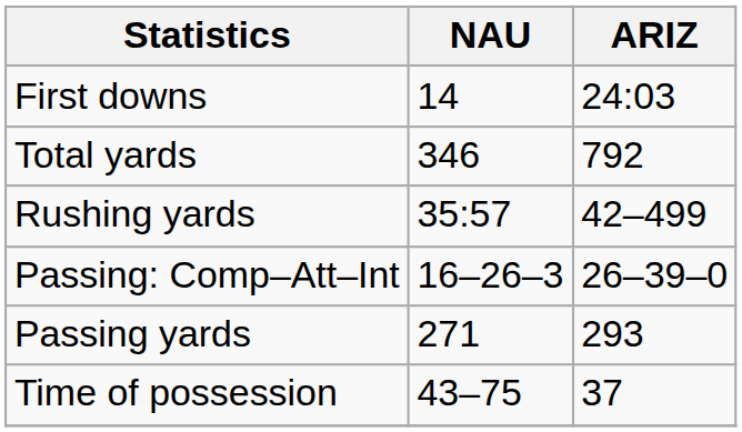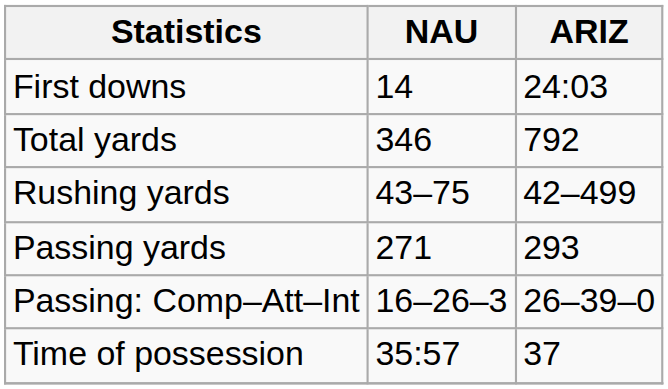 <table class="wikitable" style="float: left;">
 <tr>
 <th>Statistics</th>
 <th>NAU</th>
 <th>ARIZ</th>
 </tr>
 <tr>
 <td>First downs</td>
 <td>14</td>
 <td>24:03</td>
 </tr>
 <tr>
 <td>Total yards</td>
 <td>346</td>
 <td>792</td>
 </tr>
 <tr>
 <td>Rushing yards</td>
-<td>35:57</td>
+<td>43–75</td>
 <td>42–499</td>
+</tr>
+<tr>
+<td>Passing yards</td>
+<td>271</td>
+<td>293</td>
 </tr>
 <tr>
 <td>Passing: Comp–Att–Int</td>
 <td>16–26–3</td>
 <td>26–39–0</td>
 </tr>
 <tr>
-<td>Passing yards</td>
-<td>271</td>
-<td>293</td>
-</tr>
-<tr>
 <td>Time of possession</td>
-<td>43–75</td>
+<td>35:57</td>
 <td>37</td>
 </tr>
 <tr>
 </tr>
 </table>
